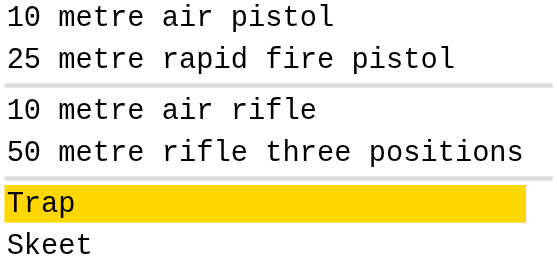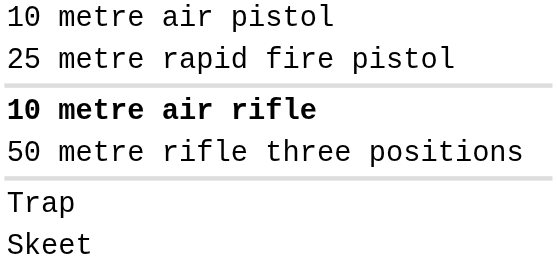 <table>
 <tr>
 <td>10 metre air pistol</td>
 <td></td>
 <td></td>
 <td></td>
 </tr>
 <tr>
 <td>25 metre rapid fire pistol</td>
 <td></td>
 <td></td>
 <td></td>
 </tr>
 <tr bgcolor=#DDDDDD>
 <td colspan=7></td>
 </tr>
 <tr>
-<td>10 metre air rifle</td>
+<td><strong>10 metre air rifle</strong></td>
 <td></td>
 <td></td>
 <td></td>
 </tr>
 <tr>
 <td>50 metre rifle three positions </td>
 <td></td>
 <td></td>
 <td></td>
 </tr>
 <tr bgcolor=#DDDDDD>
 <td colspan=7></td>
 </tr>
 <tr>
-<td style="background: gold;">Trap</td>
+<td>Trap</td>
 <td></td>
 <td></td>
 <td></td>
 </tr>
 <tr>
 <td>Skeet</td>
 <td></td>
 <td></td>
 <td></td>
 </tr>
 </table>
